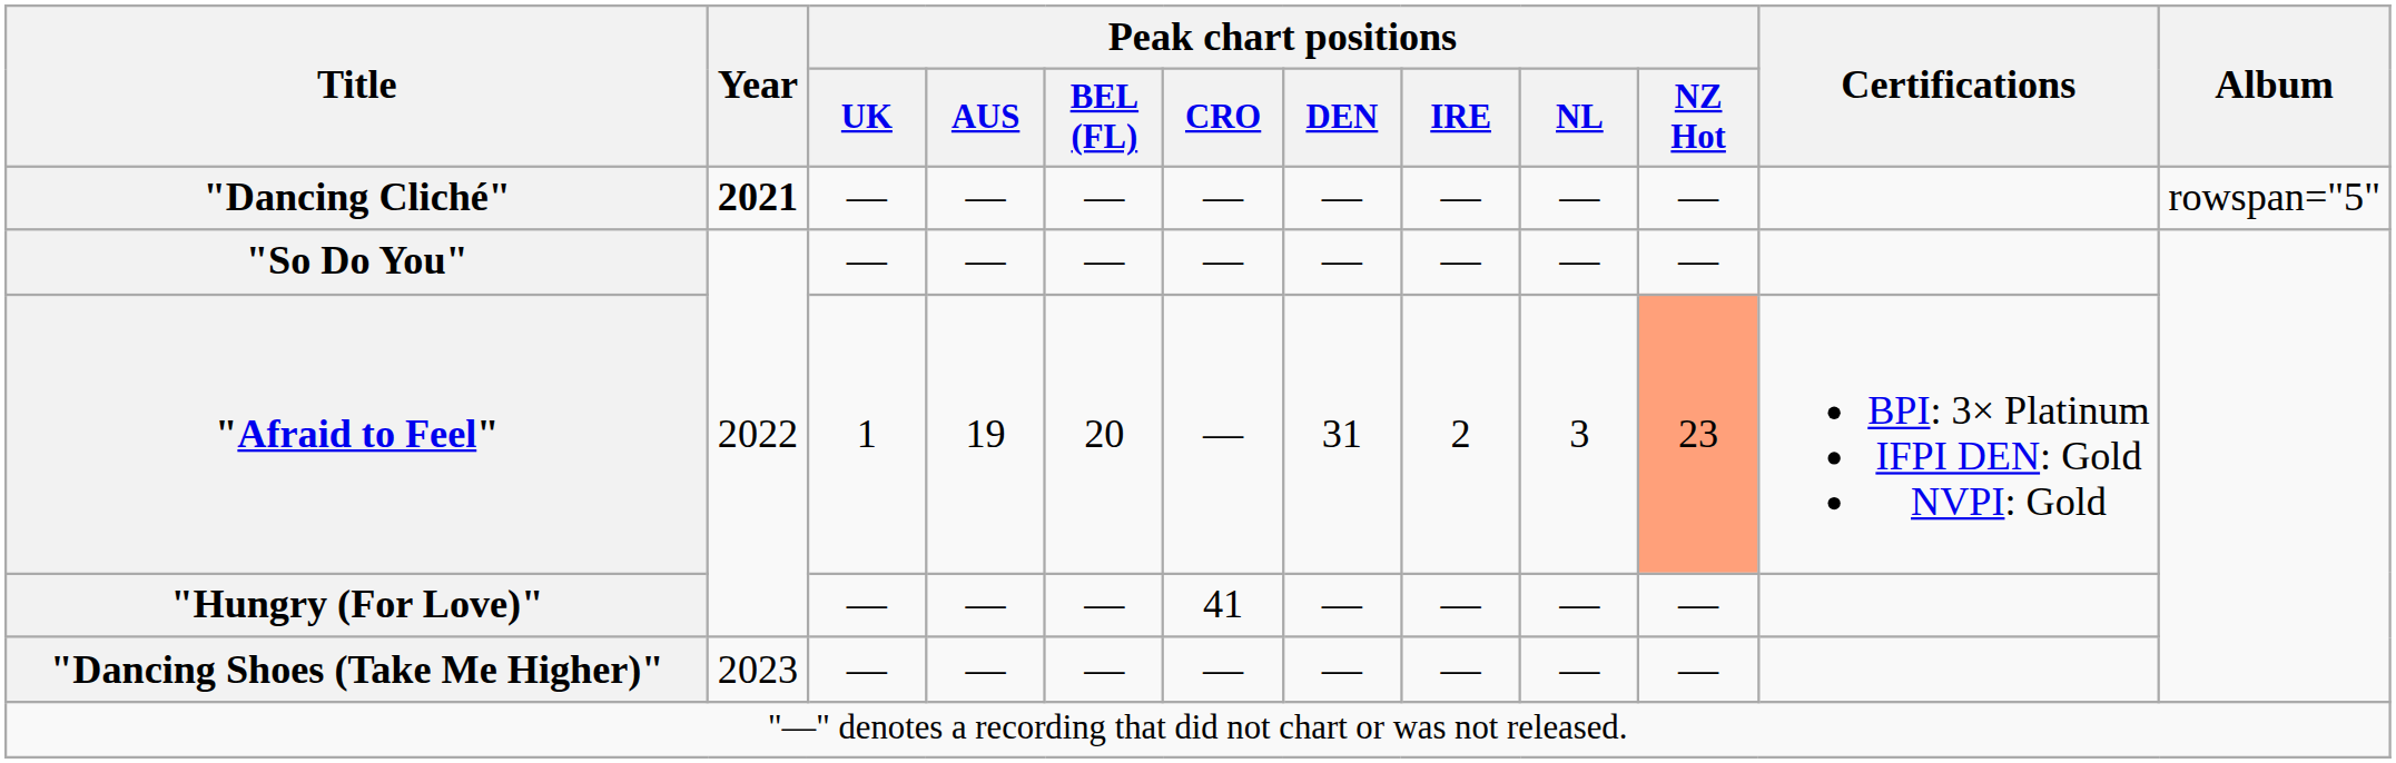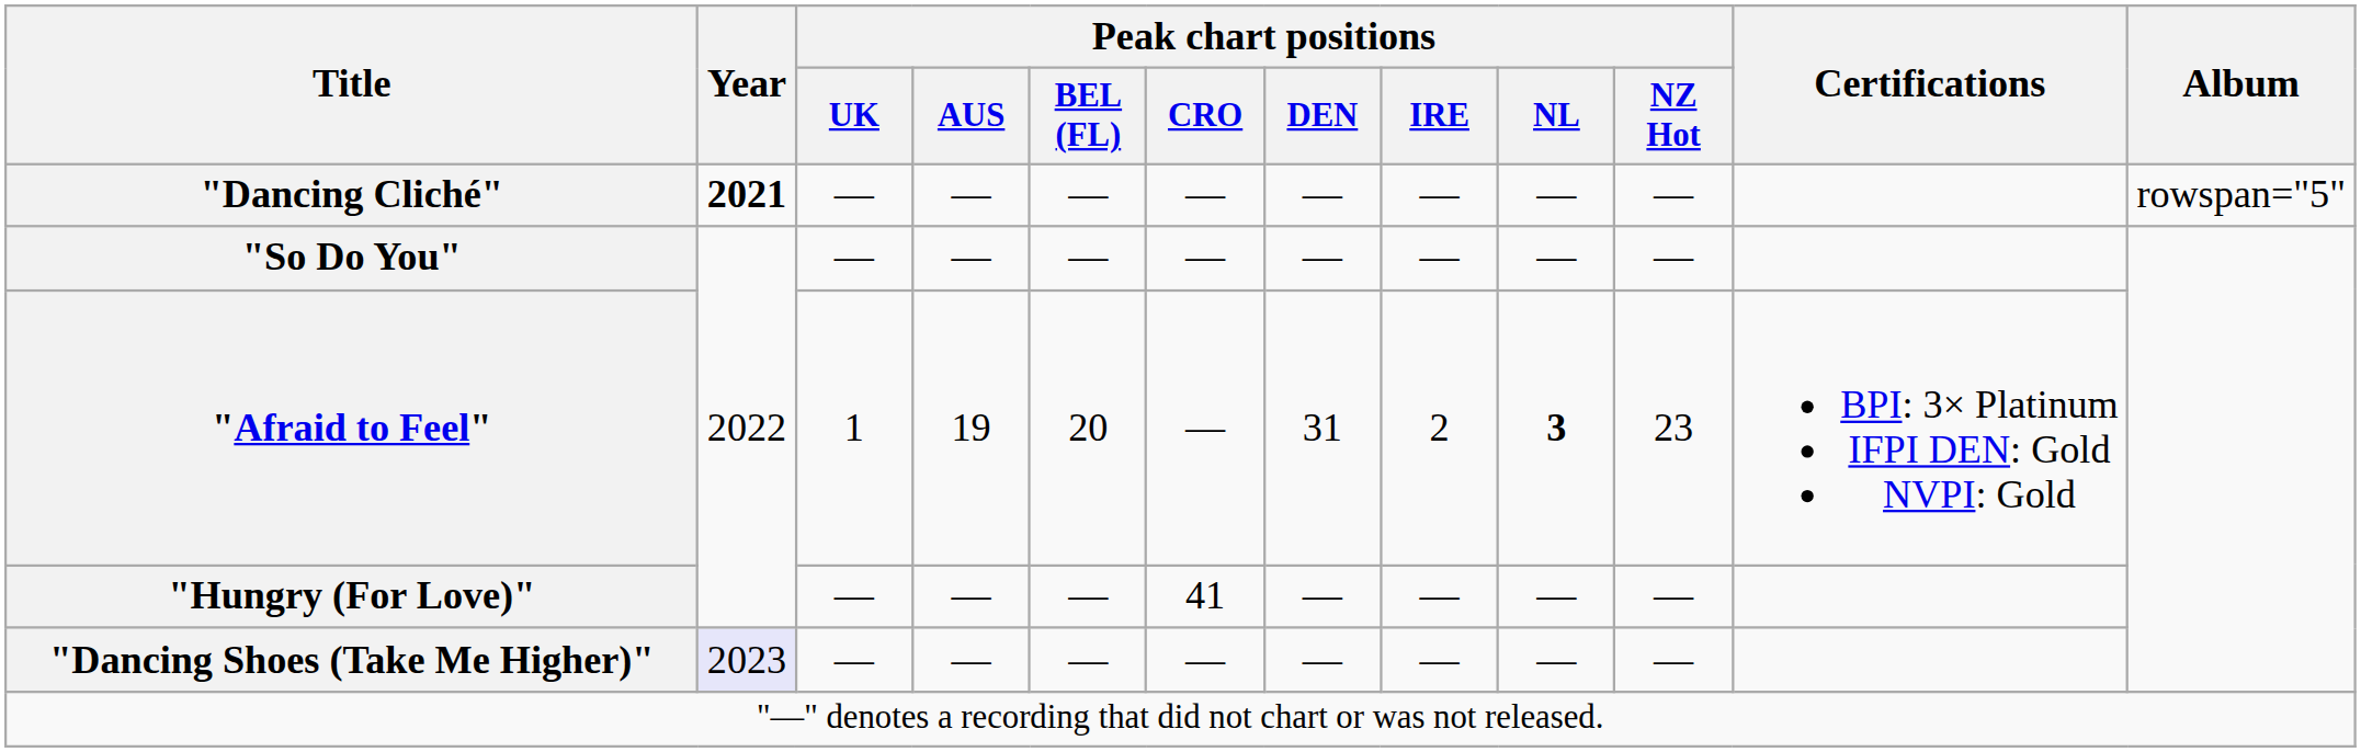 <table class="wikitable plainrowheaders" style="text-align:center;">
 <tr>
 <th scope="col" rowspan="2" style="width:17em;">Title</th>
 <th scope="col" rowspan="2" style="width:1em;">Year</th>
 <th scope="col" colspan="8">Peak chart positions</th>
 <th scope="col" rowspan="2">Certifications</th>
 <th scope="col" rowspan="2">Album</th>
 </tr>
 <tr>
 <th scope="col" style="width:3em;font-size:85%;"><a href='#'>UK</a><br></th>
 <th scope="col" style="width:3em;font-size:85%;"><a href='#'>AUS</a><br></th>
 <th scope="col" style="width:3em;font-size:85%;"><a href='#'>BEL<br>(FL)</a><br></th>
 <th scope="col" style="width:3em;font-size:85%;"><a href='#'>CRO</a><br></th>
 <th scope="col" style="width:3em;font-size:85%;"><a href='#'>DEN</a><br></th>
 <th scope="col" style="width:3em;font-size:85%;"><a href='#'>IRE</a><br></th>
 <th scope="col" style="width:3em;font-size:85%;"><a href='#'>NL</a><br></th>
 <th scope="col" style="width:3em;font-size:85%;"><a href='#'>NZ<br>Hot</a><br></th>
 </tr>
 <tr>
 <th scope="row">"Dancing Cliché"</th>
 <td><strong>2021</strong></td>
 <td>—</td>
 <td>—</td>
 <td>—</td>
 <td>—</td>
 <td>—</td>
 <td>—</td>
 <td>—</td>
 <td>—</td>
 <td></td>
 <td>rowspan="5" </td>
 </tr>
 <tr>
 <th scope="row">"So Do You"</th>
 <td rowspan="3">2022</td>
 <td>—</td>
 <td>—</td>
 <td>—</td>
 <td>—</td>
 <td>—</td>
 <td>—</td>
 <td>—</td>
 <td>—</td>
 <td></td>
 </tr>
 <tr>
 <th scope="row">"<a href='#'>Afraid to Feel</a>"</th>
 <td>1</td>
 <td>19</td>
 <td>20</td>
 <td>—</td>
 <td>31</td>
 <td>2</td>
-<td>3</td>
-<td style="background: lightsalmon;">23</td>
+<td><strong>3</strong></td>
+<td>23</td>
 <td><br><ul><li><a href='#'>BPI</a>: 3× Platinum</li><li><a href='#'>IFPI DEN</a>: Gold</li><li><a href='#'>NVPI</a>: Gold</li></ul></td>
 </tr>
 <tr>
 <th scope="row">"Hungry (For Love)"</th>
 <td>—</td>
 <td>—</td>
 <td>—</td>
 <td>41</td>
 <td>—</td>
 <td>—</td>
 <td>—</td>
 <td>—</td>
 <td></td>
 </tr>
 <tr>
 <th scope="row">"Dancing Shoes (Take Me Higher)"</th>
-<td>2023</td>
+<td style="background: lavender;">2023</td>
 <td>—</td>
 <td>—</td>
 <td>—</td>
 <td>—</td>
 <td>—</td>
 <td>—</td>
 <td>—</td>
 <td>—</td>
 <td></td>
 </tr>
 <tr>
 <td colspan="12" style="font-size:85%;">"—" denotes a recording that did not chart or was not released.</td>
 </tr>
 </table>
